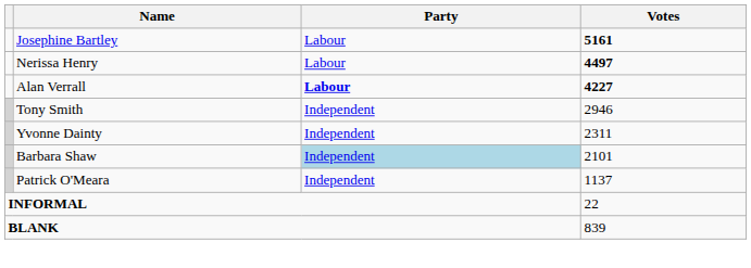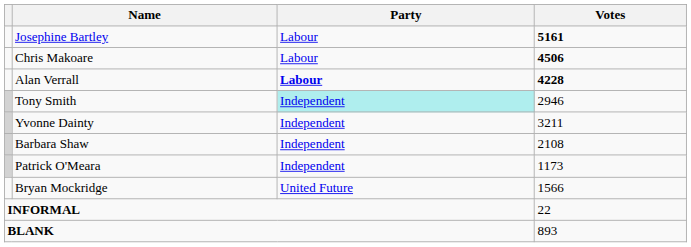 <table width="40%" class="wikitable" style="font-size: 95%; width=20%;">
 <tr>
 <th width="1%"></th>
 <th width="35%">Name</th>
 <th width="34%">Party</th>
 <th width="20%">Votes</th>
 </tr>
 <tr>
 <td></td>
 <td><a href='#'>Josephine Bartley</a></td>
 <td><a href='#'>Labour</a></td>
 <td><strong>5161</strong></td>
 </tr>
 <tr>
 <td></td>
-<td>Nerissa Henry</td>
+<td>Chris Makoare</td>
 <td><a href='#'>Labour</a></td>
-<td><strong>4497</strong></td>
+<td><strong>4506</strong></td>
 </tr>
 <tr>
 <td></td>
 <td>Alan Verrall</td>
 <td><strong><a href='#'>Labour</a></strong></td>
-<td><strong>4227</strong></td>
+<td><strong>4228</strong></td>
 </tr>
 <tr>
 <td bgcolor="lightgrey"></td>
 <td>Tony Smith</td>
-<td><a href='#'>Independent</a></td>
+<td style="background: paleturquoise;"><a href='#'>Independent</a></td>
 <td>2946</td>
 </tr>
 <tr>
 <td bgcolor="lightgrey"></td>
 <td>Yvonne Dainty</td>
 <td><a href='#'>Independent</a></td>
-<td>2311</td>
+<td>3211</td>
 </tr>
 <tr>
 <td bgcolor="lightgrey"></td>
 <td>Barbara Shaw</td>
-<td style="background: lightblue;"><a href='#'>Independent</a></td>
-<td>2101</td>
+<td><a href='#'>Independent</a></td>
+<td>2108</td>
 </tr>
 <tr>
 <td bgcolor="lightgrey"></td>
 <td>Patrick O'Meara</td>
 <td><a href='#'>Independent</a></td>
-<td>1137</td>
+<td>1173</td>
+</tr>
+<tr>
+<td bgcolor=></td>
+<td>Bryan Mockridge</td>
+<td><a href='#'>United Future</a></td>
+<td>1566</td>
 </tr>
 <tr>
 <td colspan="3"><strong>INFORMAL</strong></td>
 <td>22</td>
 </tr>
 <tr>
 <td colspan="3"><strong>BLANK</strong></td>
-<td>839</td>
+<td>893</td>
 </tr>
 </table>
